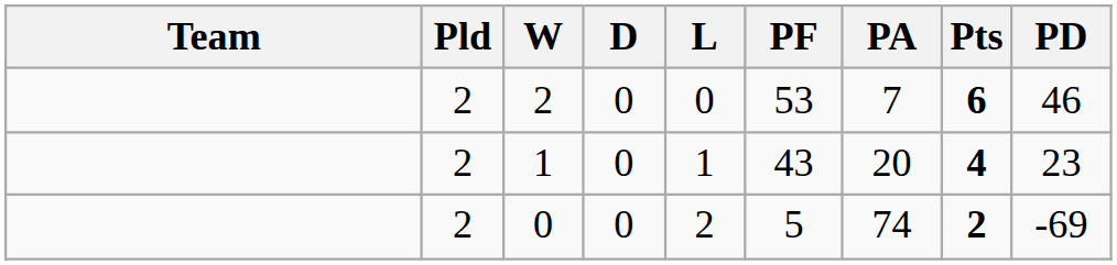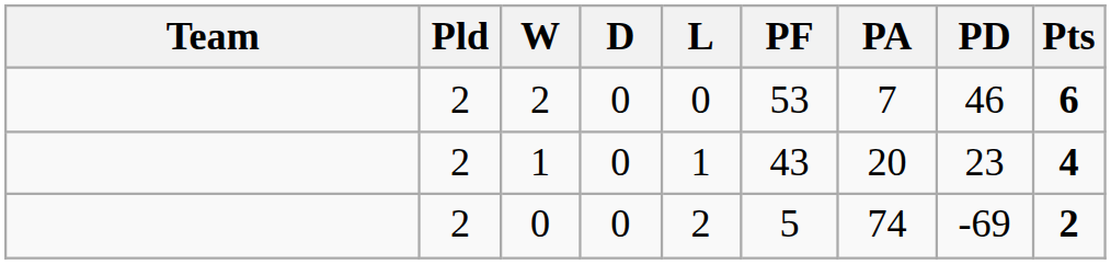 <table class="wikitable" style="text-align:center;">
 <tr>
 <th width="160">Team</th>
 <th width="25">Pld</th>
 <th width="25">W</th>
 <th width="25">D</th>
 <th width="25">L</th>
 <th width="32">PF</th>
 <th width="32">PA</th>
+<th width="32">PD</th>
 <th>Pts</th>
-<th width="32">PD</th>
 </tr>
 <tr>
 <td align="left"></td>
 <td>2</td>
 <td>2</td>
 <td>0</td>
 <td>0</td>
 <td>53</td>
 <td>7</td>
+<td>46</td>
 <td><strong>6</strong></td>
-<td>46</td>
 </tr>
 <tr>
 <td align="left"></td>
 <td>2</td>
 <td>1</td>
 <td>0</td>
 <td>1</td>
 <td>43</td>
 <td>20</td>
+<td>23</td>
 <td><strong>4</strong></td>
-<td>23</td>
 </tr>
 <tr>
 <td align="left"></td>
 <td>2</td>
 <td>0</td>
 <td>0</td>
 <td>2</td>
 <td>5</td>
 <td>74</td>
+<td>-69</td>
 <td><strong>2</strong></td>
-<td>-69</td>
 </tr>
 </table>
